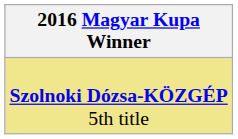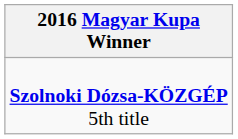 <table class=wikitable style="text-align:center; margin:auto">
 <tr>
 <th>2016 <a href='#'>Magyar Kupa</a><br>Winner</th>
 </tr>
 <tr>
-<td align=center style="background: khaki;"><br><strong><a href='#'>Szolnoki Dózsa-KÖZGÉP</a></strong><br>5th title</td>
+<td align=center><br><strong><a href='#'>Szolnoki Dózsa-KÖZGÉP</a></strong><br>5th title</td>
 </tr>
 </table>
